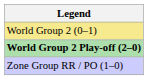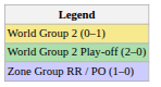 <table class=wikitable style=font-size:90%>
 <tr>
 <th>Legend</th>
 </tr>
 <tr>
 <td bgcolor=f7e98e>World Group 2 (0–1)</td>
 </tr>
 <tr>
-<td bgcolor=addfad><strong>World Group 2 Play-off (2–0)</strong></td>
+<td bgcolor=addfad>World Group 2 Play-off (2–0)</td>
 </tr>
 <tr>
 <td bgcolor=#ccf>Zone Group RR / PO (1–0)</td>
 </tr>
 </table>
